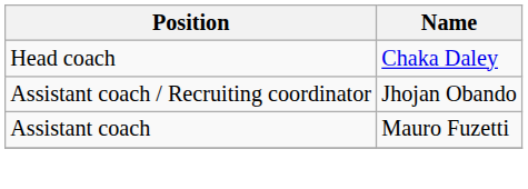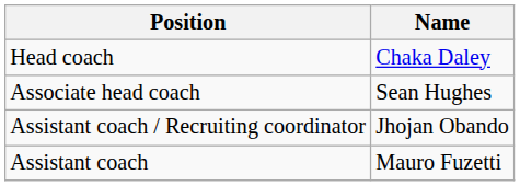 <table class="wikitable">
 <tr>
 <th width=px>Position</th>
 <th width=px>Name</th>
 </tr>
 <tr>
 <td>Head coach</td>
 <td> <a href='#'>Chaka Daley</a></td>
+</tr>
+<tr>
+<td>Associate head coach</td>
+<td> Sean Hughes</td>
 </tr>
 <tr>
 <td>Assistant coach / Recruiting coordinator</td>
 <td> Jhojan Obando</td>
 </tr>
 <tr>
 <td>Assistant coach</td>
 <td> Mauro Fuzetti</td>
 </tr>
 <tr>
 </tr>
 </table>
